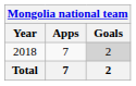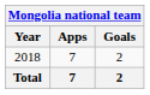 <table class="wikitable" style="text-align:center">
 <tr>
 <th colspan=3><a href='#'>Mongolia national team</a></th>
 </tr>
 <tr>
 <th>Year</th>
 <th>Apps</th>
 <th>Goals</th>
 </tr>
 <tr>
 <td>2018</td>
 <td>7</td>
-<td style="background: lightgrey;">2</td>
+<td>2</td>
 </tr>
 <tr>
 <th>Total</th>
 <th>7</th>
 <th>2</th>
 </tr>
 </table>
